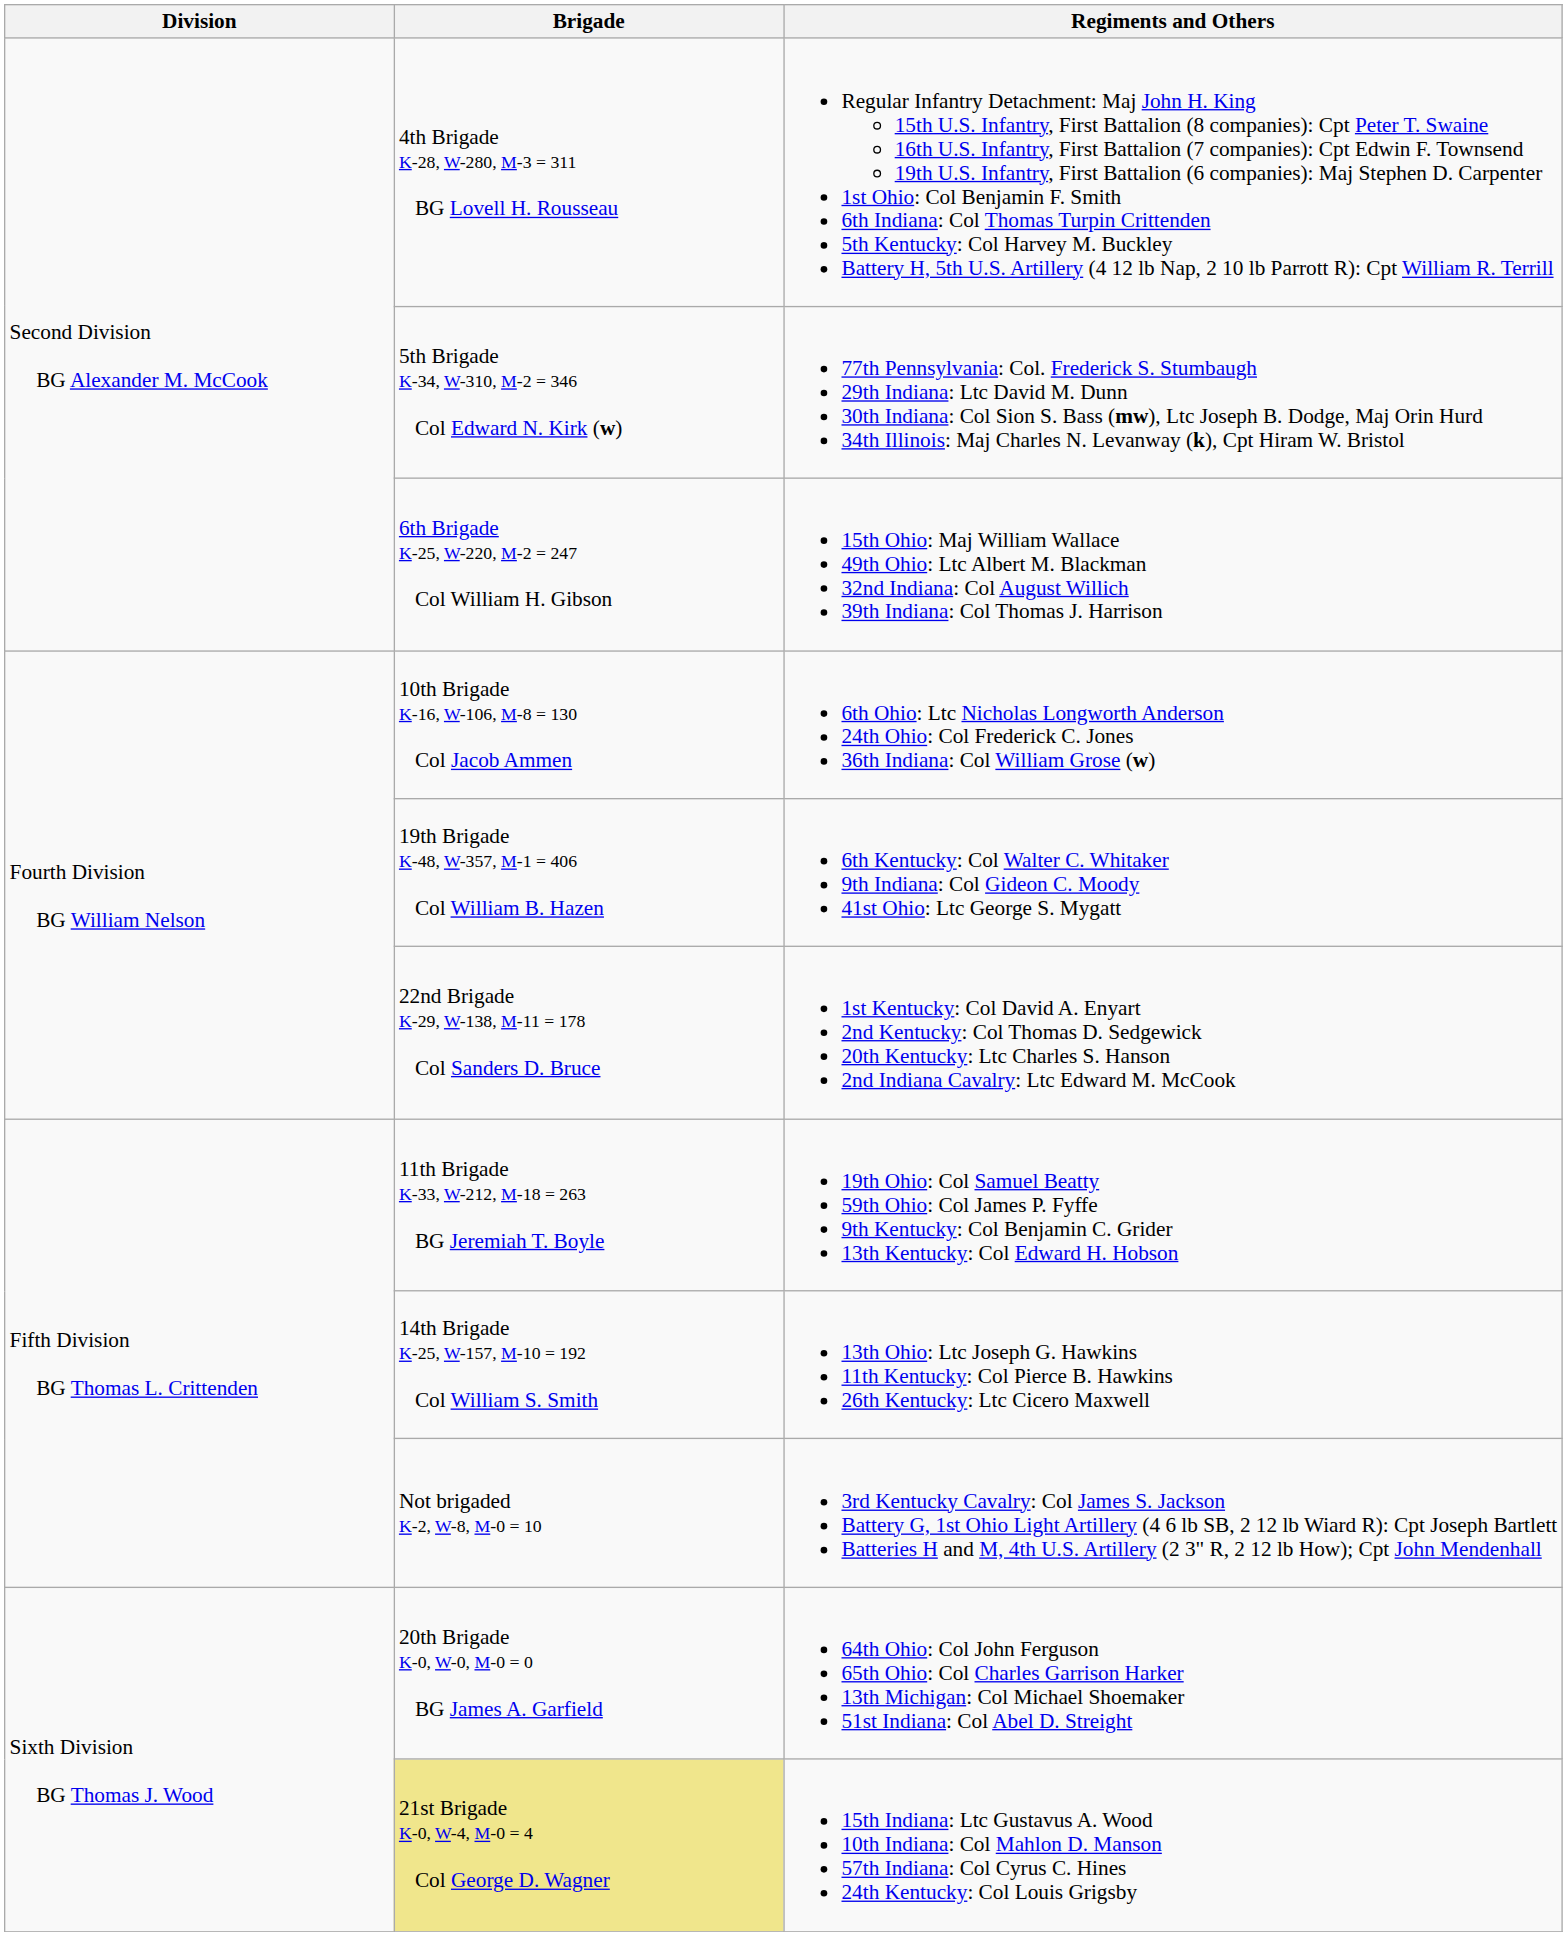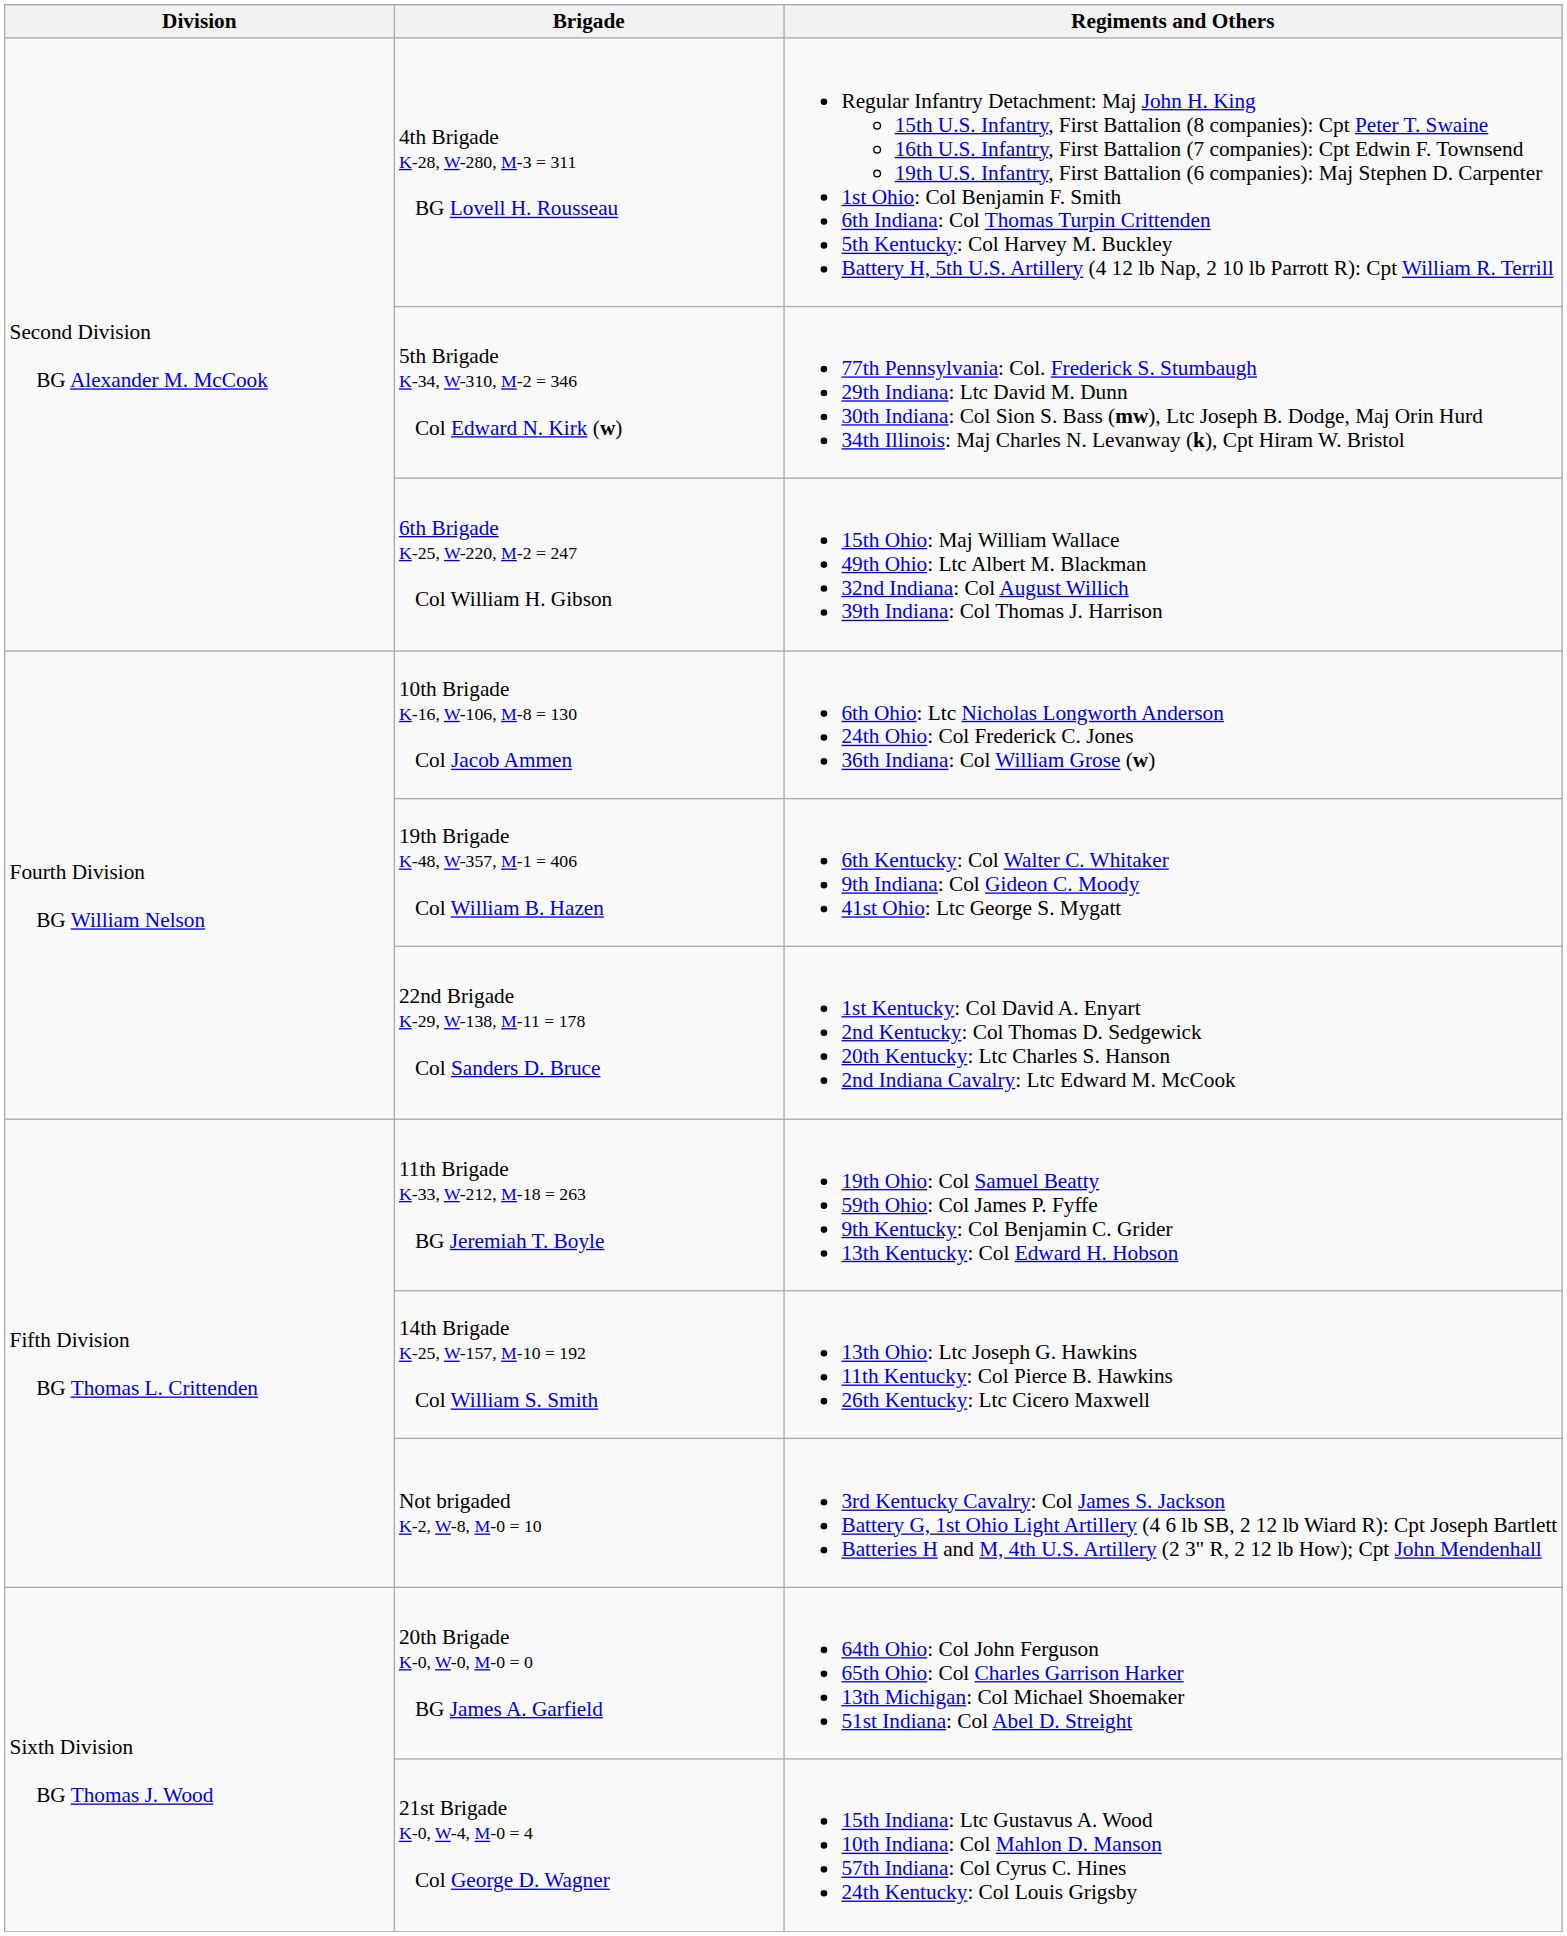 <table class="wikitable">
 <tr>
 <th style="width:25%;">Division</th>
 <th style="width:25%;">Brigade</th>
 <th>Regiments and Others</th>
 </tr>
 <tr>
 <td rowspan=3><br>Second Division<br><br>     BG <a href='#'>Alexander M. McCook</a></td>
 <td>4th Brigade<br><small><a href='#'>K</a>-28, <a href='#'>W</a>-280, <a href='#'>M</a>-3 = 311</small><br><br>   BG <a href='#'>Lovell H. Rousseau</a></td>
 <td><br><ul><li>Regular Infantry Detachment: Maj <a href='#'>John H. King</a><ul><li><a href='#'>15th U.S. Infantry</a>, First Battalion (8 companies): Cpt <a href='#'>Peter T. Swaine</a></li><li><a href='#'>16th U.S. Infantry</a>, First Battalion (7 companies): Cpt Edwin F. Townsend</li><li><a href='#'>19th U.S. Infantry</a>, First Battalion (6 companies): Maj Stephen D. Carpenter</li></ul></li><li><a href='#'>1st Ohio</a>: Col Benjamin F. Smith</li><li><a href='#'>6th Indiana</a>: Col <a href='#'>Thomas Turpin Crittenden</a></li><li><a href='#'>5th Kentucky</a>: Col Harvey M. Buckley</li><li><a href='#'>Battery H, 5th U.S. Artillery</a> (4 12 lb Nap, 2 10 lb Parrott R): Cpt <a href='#'>William R. Terrill</a></li></ul></td>
 </tr>
 <tr>
 <td>5th Brigade<br><small><a href='#'>K</a>-34, <a href='#'>W</a>-310, <a href='#'>M</a>-2 = 346</small><br><br>   Col <a href='#'>Edward N. Kirk</a> (<strong>w</strong>)</td>
 <td><br><ul><li><a href='#'>77th Pennsylvania</a>: Col. <a href='#'>Frederick S. Stumbaugh</a></li><li><a href='#'>29th Indiana</a>: Ltc David M. Dunn</li><li><a href='#'>30th Indiana</a>: Col Sion S. Bass (<strong>mw</strong>), Ltc Joseph B. Dodge, Maj Orin Hurd</li><li><a href='#'>34th Illinois</a>: Maj Charles N. Levanway (<strong>k</strong>), Cpt Hiram W. Bristol</li></ul></td>
 </tr>
 <tr>
 <td><a href='#'>6th Brigade</a><br><small><a href='#'>K</a>-25, <a href='#'>W</a>-220, <a href='#'>M</a>-2 = 247</small><br><br>   Col William H. Gibson</td>
 <td><br><ul><li><a href='#'>15th Ohio</a>: Maj William Wallace</li><li><a href='#'>49th Ohio</a>: Ltc Albert M. Blackman</li><li><a href='#'>32nd Indiana</a>: Col <a href='#'>August Willich</a></li><li><a href='#'>39th Indiana</a>: Col Thomas J. Harrison</li></ul></td>
 </tr>
 <tr>
 <td rowspan=3><br>Fourth Division<br><br>     BG <a href='#'>William Nelson</a></td>
 <td>10th Brigade<br><small><a href='#'>K</a>-16, <a href='#'>W</a>-106, <a href='#'>M</a>-8 = 130</small><br><br>   Col <a href='#'>Jacob Ammen</a></td>
 <td><br><ul><li><a href='#'>6th Ohio</a>: Ltc <a href='#'>Nicholas Longworth Anderson</a></li><li><a href='#'>24th Ohio</a>: Col Frederick C. Jones</li><li><a href='#'>36th Indiana</a>: Col <a href='#'>William Grose</a> (<strong>w</strong>)</li></ul></td>
 </tr>
 <tr>
 <td>19th Brigade<br><small><a href='#'>K</a>-48, <a href='#'>W</a>-357, <a href='#'>M</a>-1 = 406</small><br><br>   Col <a href='#'>William B. Hazen</a></td>
 <td><br><ul><li><a href='#'>6th Kentucky</a>: Col <a href='#'>Walter C. Whitaker</a></li><li><a href='#'>9th Indiana</a>: Col <a href='#'>Gideon C. Moody</a></li><li><a href='#'>41st Ohio</a>: Ltc George S. Mygatt</li></ul></td>
 </tr>
 <tr>
 <td>22nd Brigade<br><small><a href='#'>K</a>-29, <a href='#'>W</a>-138, <a href='#'>M</a>-11 = 178</small><br><br>   Col <a href='#'>Sanders D. Bruce</a></td>
 <td><br><ul><li><a href='#'>1st Kentucky</a>: Col David A. Enyart</li><li><a href='#'>2nd Kentucky</a>: Col Thomas D. Sedgewick</li><li><a href='#'>20th Kentucky</a>: Ltc Charles S. Hanson</li><li><a href='#'>2nd Indiana Cavalry</a>: Ltc Edward M. McCook</li></ul></td>
 </tr>
 <tr>
 <td rowspan=3><br>Fifth Division<br><br>     BG <a href='#'>Thomas L. Crittenden</a></td>
 <td>11th Brigade<br><small><a href='#'>K</a>-33, <a href='#'>W</a>-212, <a href='#'>M</a>-18 = 263</small><br><br>   BG <a href='#'>Jeremiah T. Boyle</a></td>
 <td><br><ul><li><a href='#'>19th Ohio</a>: Col <a href='#'>Samuel Beatty</a></li><li><a href='#'>59th Ohio</a>: Col James P. Fyffe</li><li><a href='#'>9th Kentucky</a>: Col Benjamin C. Grider</li><li><a href='#'>13th Kentucky</a>: Col <a href='#'>Edward H. Hobson</a></li></ul></td>
 </tr>
 <tr>
 <td>14th Brigade<br><small><a href='#'>K</a>-25, <a href='#'>W</a>-157, <a href='#'>M</a>-10 = 192</small><br><br>   Col <a href='#'>William S. Smith</a></td>
 <td><br><ul><li><a href='#'>13th Ohio</a>: Ltc Joseph G. Hawkins</li><li><a href='#'>11th Kentucky</a>: Col Pierce B. Hawkins</li><li><a href='#'>26th Kentucky</a>: Ltc Cicero Maxwell</li></ul></td>
 </tr>
 <tr>
 <td>Not brigaded<br><small><a href='#'>K</a>-2, <a href='#'>W</a>-8, <a href='#'>M</a>-0 = 10</small></td>
 <td><br><ul><li><a href='#'>3rd Kentucky Cavalry</a>: Col <a href='#'>James S. Jackson</a></li><li><a href='#'>Battery G, 1st Ohio Light Artillery</a> (4 6 lb SB, 2 12 lb Wiard R): Cpt Joseph Bartlett</li><li><a href='#'>Batteries H</a> and <a href='#'>M, 4th U.S. Artillery</a> (2 3" R, 2 12 lb How); Cpt <a href='#'>John Mendenhall</a></li></ul></td>
 </tr>
 <tr>
 <td rowspan=2><br>Sixth Division<br><br>     BG <a href='#'>Thomas J. Wood</a></td>
 <td>20th Brigade<br><small><a href='#'>K</a>-0, <a href='#'>W</a>-0, <a href='#'>M</a>-0 = 0</small><br><br>   BG <a href='#'>James A. Garfield</a></td>
 <td><br><ul><li><a href='#'>64th Ohio</a>: Col John Ferguson</li><li><a href='#'>65th Ohio</a>: Col <a href='#'>Charles Garrison Harker</a></li><li><a href='#'>13th Michigan</a>: Col Michael Shoemaker</li><li><a href='#'>51st Indiana</a>: Col <a href='#'>Abel D. Streight</a></li></ul></td>
 </tr>
 <tr>
-<td style="background: khaki;">21st Brigade<br><small><a href='#'>K</a>-0, <a href='#'>W</a>-4, <a href='#'>M</a>-0 = 4</small><br><br>   Col <a href='#'>George D. Wagner</a></td>
+<td>21st Brigade<br><small><a href='#'>K</a>-0, <a href='#'>W</a>-4, <a href='#'>M</a>-0 = 4</small><br><br>   Col <a href='#'>George D. Wagner</a></td>
 <td><br><ul><li><a href='#'>15th Indiana</a>: Ltc Gustavus A. Wood</li><li><a href='#'>10th Indiana</a>: Col <a href='#'>Mahlon D. Manson</a></li><li><a href='#'>57th Indiana</a>: Col Cyrus C. Hines</li><li><a href='#'>24th Kentucky</a>: Col Louis Grigsby</li></ul></td>
 </tr>
 </table>
